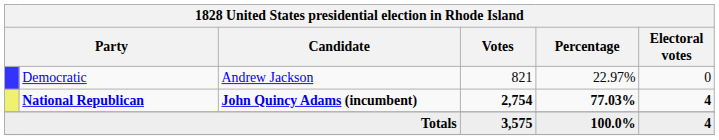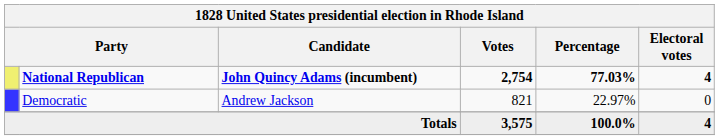 <table class="wikitable" style="font-size: 95%;">
 <tr>
 <th colspan="6">1828 United States presidential election in Rhode Island</th>
 </tr>
 <tr>
 <th colspan="2" style="width: 15em">Party</th>
 <th style="width: 17em">Candidate</th>
 <th style="width: 5em">Votes</th>
 <th style="width: 7em">Percentage</th>
 <th style="width: 5em">Electoral votes</th>
 </tr>
 <tr>
+<th style="background-color:#F0F071; width: 3px"></th>
+<td style="width: 130px"><strong><a href='#'>National Republican</a></strong></td>
+<td><strong><a href='#'>John Quincy Adams</a> (incumbent)</strong></td>
+<td align="right"><strong>2,754</strong></td>
+<td align="right"><strong>77.03%</strong></td>
+<td align="right"><strong>4</strong></td>
+</tr>
+<tr>
 <th style="background-color:#3333FF; width: 3px"></th>
 <td style="width: 130px"><a href='#'>Democratic</a></td>
 <td><a href='#'>Andrew Jackson</a></td>
 <td align="right">821</td>
 <td align="right">22.97%</td>
 <td align="right">0</td>
-</tr>
-<tr>
-<th style="background-color:#F0F071; width: 3px"></th>
-<td style="width: 130px"><strong><a href='#'>National Republican</a></strong></td>
-<td><strong><a href='#'>John Quincy Adams</a> (incumbent)</strong></td>
-<td align="right"><strong>2,754</strong></td>
-<td align="right"><strong>77.03%</strong></td>
-<td align="right"><strong>4</strong></td>
 </tr>
 <tr>
 </tr>
 <tr bgcolor="#EEEEEE">
 <td colspan="3" align="right"><strong>Totals</strong></td>
 <td align="right"><strong>3,575</strong></td>
 <td align="right"><strong>100.0%</strong></td>
 <td align="right"><strong>4</strong></td>
 </tr>
 <tr>
 </tr>
 </table>
